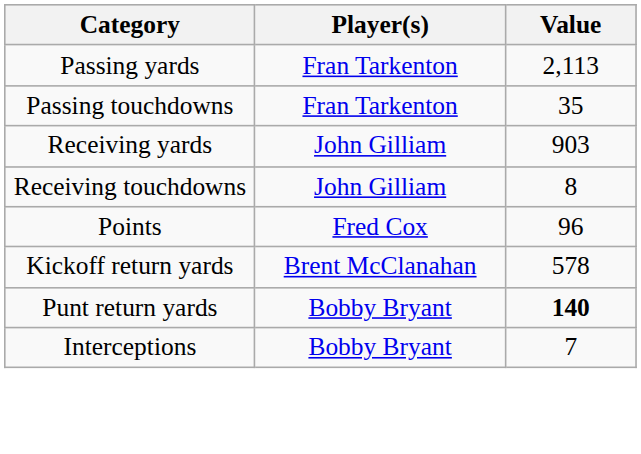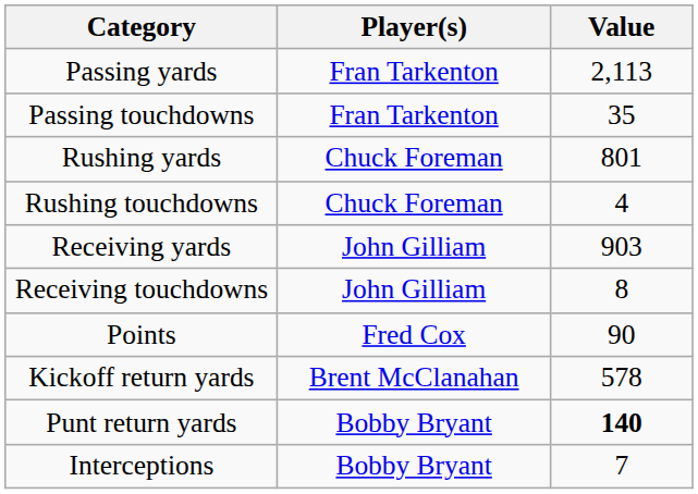 <table class="wikitable" style="text-align:center">
 <tr>
 <th width=150px>Category</th>
 <th width=150px>Player(s)</th>
 <th width=75px>Value</th>
 </tr>
 <tr>
 <td>Passing yards</td>
 <td><a href='#'>Fran Tarkenton</a></td>
 <td>2,113</td>
 </tr>
 <tr>
 <td>Passing touchdowns</td>
 <td><a href='#'>Fran Tarkenton</a></td>
 <td>35</td>
 </tr>
 <tr>
+<td>Rushing yards</td>
+<td><a href='#'>Chuck Foreman</a></td>
+<td>801</td>
+</tr>
+<tr>
+<td>Rushing touchdowns</td>
+<td><a href='#'>Chuck Foreman</a></td>
+<td>4</td>
+</tr>
+<tr>
 <td>Receiving yards</td>
 <td><a href='#'>John Gilliam</a></td>
 <td>903</td>
 </tr>
 <tr>
 <td>Receiving touchdowns</td>
 <td><a href='#'>John Gilliam</a></td>
 <td>8</td>
 </tr>
 <tr>
 <td>Points</td>
 <td><a href='#'>Fred Cox</a></td>
-<td>96</td>
+<td>90</td>
 </tr>
 <tr>
 <td>Kickoff return yards</td>
 <td><a href='#'>Brent McClanahan</a></td>
 <td>578</td>
 </tr>
 <tr>
 <td>Punt return yards</td>
 <td><a href='#'>Bobby Bryant</a></td>
 <td><strong>140</strong></td>
 </tr>
 <tr>
 <td>Interceptions</td>
 <td><a href='#'>Bobby Bryant</a></td>
 <td>7</td>
 </tr>
 </table>
